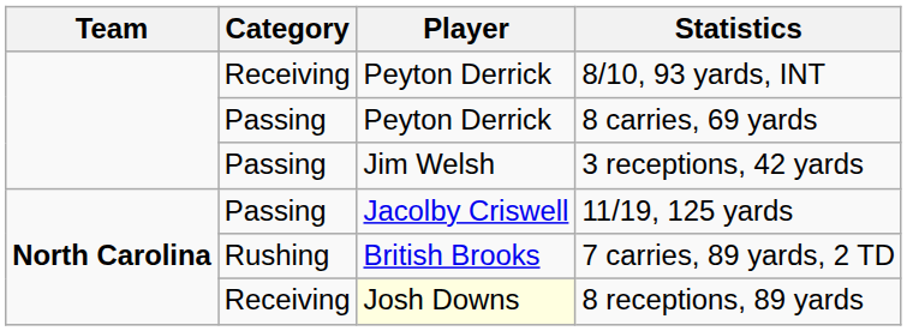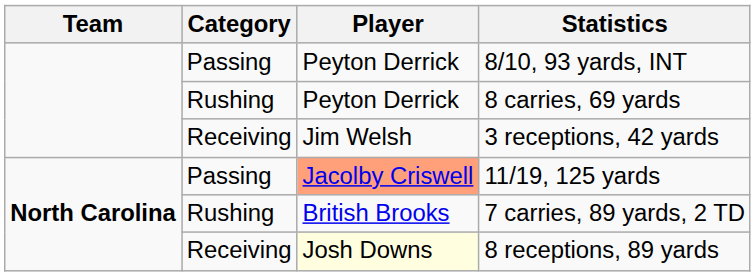 <table class="wikitable" style="float: left;">
 <tr>
 <th>Team</th>
 <th>Category</th>
 <th>Player</th>
 <th>Statistics</th>
 </tr>
 <tr>
 <td rowspan=3><strong></strong></td>
-<td>Receiving</td>
+<td>Passing</td>
 <td>Peyton Derrick</td>
 <td>8/10, 93 yards, INT</td>
 </tr>
 <tr>
-<td>Passing</td>
+<td>Rushing</td>
 <td>Peyton Derrick</td>
 <td>8 carries, 69 yards</td>
 </tr>
 <tr>
-<td>Passing</td>
+<td>Receiving</td>
 <td>Jim Welsh</td>
 <td>3 receptions, 42 yards</td>
 </tr>
 <tr>
 <td rowspan=3><strong>North Carolina</strong></td>
 <td>Passing</td>
-<td><a href='#'>Jacolby Criswell</a></td>
+<td style="background: lightsalmon;"><a href='#'>Jacolby Criswell</a></td>
 <td>11/19, 125 yards</td>
 </tr>
 <tr>
 <td>Rushing</td>
 <td><a href='#'>British Brooks</a></td>
 <td>7 carries, 89 yards, 2 TD</td>
 </tr>
 <tr>
 <td>Receiving</td>
 <td style="background: lightyellow;">Josh Downs</td>
 <td>8 receptions, 89 yards</td>
 </tr>
 </table>
